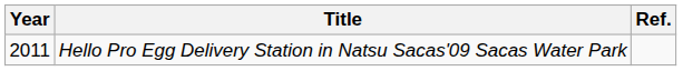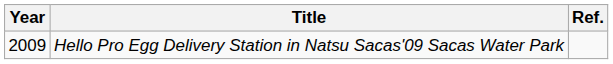 <table class="wikitable">
 <tr>
 <th>Year</th>
 <th>Title</th>
 <th>Ref.</th>
 </tr>
 <tr>
-<td>2011</td>
+<td>2009</td>
 <td><em>Hello Pro Egg Delivery Station in Natsu Sacas'09 Sacas Water Park</em></td>
 <td></td>
 </tr>
 </table>
